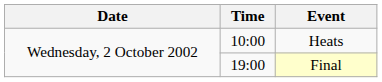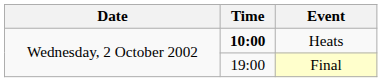 <table class = "wikitable" style="text-align:center;">
 <tr>
 <th width=220>Date</th>
 <th width=50>Time</th>
 <th width=100>Event</th>
 </tr>
 <tr>
 <td rowspan=2>Wednesday, 2 October 2002</td>
-<td>10:00</td>
+<td><strong>10:00</strong></td>
 <td>Heats</td>
 </tr>
 <tr>
 <td>19:00</td>
 <td bgcolor=ffffcc>Final</td>
 </tr>
 </table>
